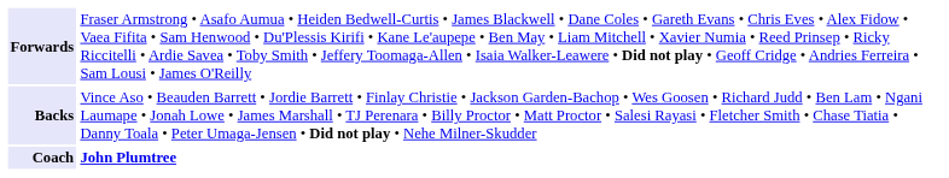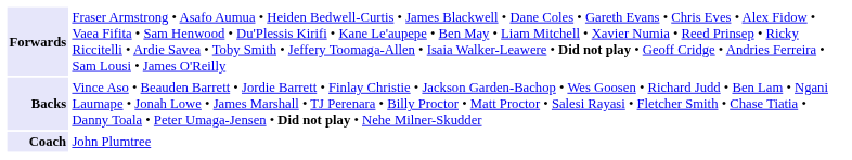 <table cellpadding="2" style="border: 1px solid white; font-size:90%;">
 <tr>
 <td style="text-align:right;" bgcolor="lavender"><strong>Forwards</strong></td>
 <td style="text-align:left;"><a href='#'>Fraser Armstrong</a> • <a href='#'>Asafo Aumua</a> • <a href='#'>Heiden Bedwell-Curtis</a> • <a href='#'>James Blackwell</a> • <a href='#'>Dane Coles</a> • <a href='#'>Gareth Evans</a> • <a href='#'>Chris Eves</a> • <a href='#'>Alex Fidow</a> • <a href='#'>Vaea Fifita</a> • <a href='#'>Sam Henwood</a> • <a href='#'>Du'Plessis Kirifi</a> • <a href='#'>Kane Le'aupepe</a> • <a href='#'>Ben May</a> • <a href='#'>Liam Mitchell</a> • <a href='#'>Xavier Numia</a> • <a href='#'>Reed Prinsep</a> • <a href='#'>Ricky Riccitelli</a> • <a href='#'>Ardie Savea</a> • <a href='#'>Toby Smith</a> • <a href='#'>Jeffery Toomaga-Allen</a> • <a href='#'>Isaia Walker-Leawere</a> • <strong>Did not play</strong> • <a href='#'>Geoff Cridge</a> • <a href='#'>Andries Ferreira</a> • <a href='#'>Sam Lousi</a> • <a href='#'>James O'Reilly</a></td>
 </tr>
 <tr>
 <td style="text-align:right;" bgcolor="lavender"><strong>Backs</strong></td>
 <td style="text-align:left;"><a href='#'>Vince Aso</a> • <a href='#'>Beauden Barrett</a> • <a href='#'>Jordie Barrett</a> • <a href='#'>Finlay Christie</a> • <a href='#'>Jackson Garden-Bachop</a> • <a href='#'>Wes Goosen</a> • <a href='#'>Richard Judd</a> • <a href='#'>Ben Lam</a> • <a href='#'>Ngani Laumape</a> • <a href='#'>Jonah Lowe</a> • <a href='#'>James Marshall</a> • <a href='#'>TJ Perenara</a> • <a href='#'>Billy Proctor</a> • <a href='#'>Matt Proctor</a> • <a href='#'>Salesi Rayasi</a> • <a href='#'>Fletcher Smith</a> • <a href='#'>Chase Tiatia</a> • <a href='#'>Danny Toala</a> • <a href='#'>Peter Umaga-Jensen</a> • <strong>Did not play</strong> • <a href='#'>Nehe Milner-Skudder</a></td>
 </tr>
 <tr>
 <td style="text-align:right;" bgcolor="lavender"><strong>Coach</strong></td>
-<td style="text-align:left;"><strong><a href='#'>John Plumtree</a></strong></td>
+<td style="text-align:left;"><a href='#'>John Plumtree</a></td>
 </tr>
 </table>
